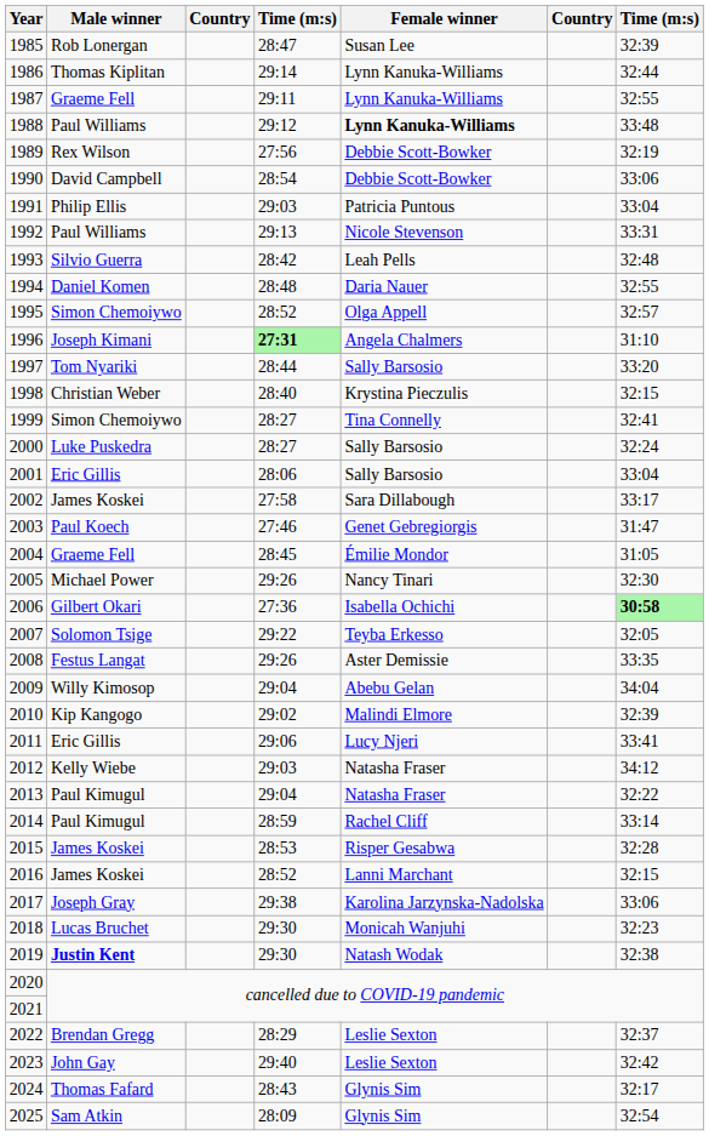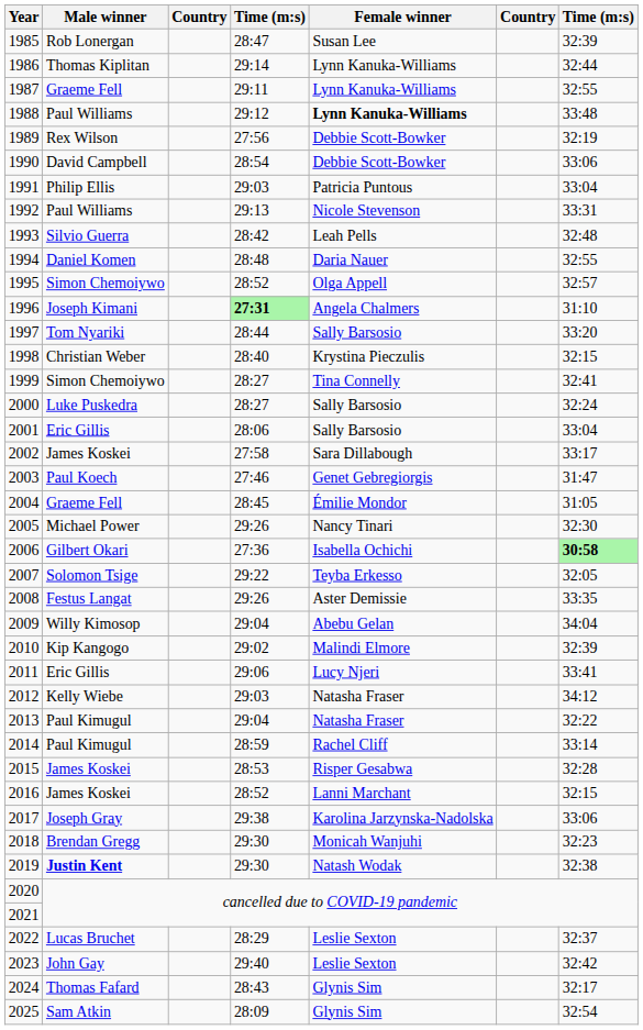 <table class="wikitable">
 <tr>
 <th>Year</th>
 <th>Male winner</th>
 <th>Country</th>
 <th>Time (m:s)</th>
 <th>Female winner</th>
 <th>Country</th>
 <th>Time (m:s)</th>
 </tr>
 <tr>
 <td>1985</td>
 <td>Rob Lonergan</td>
 <td></td>
 <td>28:47</td>
 <td>Susan Lee</td>
 <td></td>
 <td>32:39</td>
 </tr>
 <tr>
 <td>1986</td>
 <td>Thomas Kiplitan</td>
 <td></td>
 <td>29:14</td>
 <td>Lynn Kanuka-Williams</td>
 <td></td>
 <td>32:44</td>
 </tr>
 <tr>
 <td>1987</td>
 <td><a href='#'>Graeme Fell</a></td>
 <td></td>
 <td>29:11</td>
 <td><a href='#'>Lynn Kanuka-Williams</a></td>
 <td></td>
 <td>32:55</td>
 </tr>
 <tr>
 <td>1988</td>
 <td>Paul Williams</td>
 <td></td>
 <td>29:12</td>
 <td><strong>Lynn Kanuka-Williams</strong></td>
 <td></td>
 <td>33:48</td>
 </tr>
 <tr>
 <td>1989</td>
 <td>Rex Wilson</td>
 <td></td>
 <td>27:56</td>
 <td><a href='#'>Debbie Scott-Bowker</a></td>
 <td></td>
 <td>32:19</td>
 </tr>
 <tr>
 <td>1990</td>
 <td>David Campbell</td>
 <td></td>
 <td>28:54</td>
 <td><a href='#'>Debbie Scott-Bowker</a></td>
 <td></td>
 <td>33:06</td>
 </tr>
 <tr>
 <td>1991</td>
 <td>Philip Ellis</td>
 <td></td>
 <td>29:03</td>
 <td>Patricia Puntous</td>
 <td></td>
 <td>33:04</td>
 </tr>
 <tr>
 <td>1992</td>
 <td>Paul Williams</td>
 <td></td>
 <td>29:13</td>
 <td><a href='#'>Nicole Stevenson</a></td>
 <td></td>
 <td>33:31</td>
 </tr>
 <tr>
 <td>1993</td>
 <td><a href='#'>Silvio Guerra</a></td>
 <td></td>
 <td>28:42</td>
 <td>Leah Pells</td>
 <td></td>
 <td>32:48</td>
 </tr>
 <tr>
 <td>1994</td>
 <td><a href='#'>Daniel Komen</a></td>
 <td></td>
 <td>28:48</td>
 <td><a href='#'>Daria Nauer</a></td>
 <td></td>
 <td>32:55</td>
 </tr>
 <tr>
 <td>1995</td>
 <td><a href='#'>Simon Chemoiywo</a></td>
 <td></td>
 <td>28:52</td>
 <td><a href='#'>Olga Appell</a></td>
 <td></td>
 <td>32:57</td>
 </tr>
 <tr>
 <td>1996</td>
 <td><a href='#'>Joseph Kimani</a></td>
 <td></td>
 <td style="background:#a9f5a9;"><strong>27:31</strong></td>
 <td><a href='#'>Angela Chalmers</a></td>
 <td></td>
 <td>31:10</td>
 </tr>
 <tr>
 <td>1997</td>
 <td><a href='#'>Tom Nyariki</a></td>
 <td></td>
 <td>28:44</td>
 <td><a href='#'>Sally Barsosio</a></td>
 <td></td>
 <td>33:20</td>
 </tr>
 <tr>
 <td>1998</td>
 <td>Christian Weber</td>
 <td></td>
 <td>28:40</td>
 <td>Krystina Pieczulis</td>
 <td></td>
 <td>32:15</td>
 </tr>
 <tr>
 <td>1999</td>
 <td>Simon Chemoiywo</td>
 <td></td>
 <td>28:27</td>
 <td><a href='#'>Tina Connelly</a></td>
 <td></td>
 <td>32:41</td>
 </tr>
 <tr>
 <td>2000</td>
 <td><a href='#'>Luke Puskedra</a></td>
 <td></td>
 <td>28:27</td>
 <td>Sally Barsosio</td>
 <td></td>
 <td>32:24</td>
 </tr>
 <tr>
 <td>2001</td>
 <td><a href='#'>Eric Gillis</a></td>
 <td></td>
 <td>28:06</td>
 <td>Sally Barsosio</td>
 <td></td>
 <td>33:04</td>
 </tr>
 <tr>
 <td>2002</td>
 <td>James Koskei</td>
 <td></td>
 <td>27:58</td>
 <td>Sara Dillabough</td>
 <td></td>
 <td>33:17</td>
 </tr>
 <tr>
 <td>2003</td>
 <td><a href='#'>Paul Koech</a></td>
 <td></td>
 <td>27:46</td>
 <td><a href='#'>Genet Gebregiorgis</a></td>
 <td></td>
 <td>31:47</td>
 </tr>
 <tr>
 <td>2004</td>
 <td><a href='#'>Graeme Fell</a></td>
 <td></td>
 <td>28:45</td>
 <td><a href='#'>Émilie Mondor</a></td>
 <td></td>
 <td>31:05</td>
 </tr>
 <tr>
 <td>2005</td>
 <td>Michael Power</td>
 <td></td>
 <td>29:26</td>
 <td>Nancy Tinari</td>
 <td></td>
 <td>32:30</td>
 </tr>
 <tr>
 <td>2006</td>
 <td><a href='#'>Gilbert Okari</a></td>
 <td></td>
 <td>27:36</td>
 <td><a href='#'>Isabella Ochichi</a></td>
 <td></td>
 <td style="background:#a9f5a9;"><strong>30:58</strong></td>
 </tr>
 <tr>
 <td>2007</td>
 <td><a href='#'>Solomon Tsige</a></td>
 <td></td>
 <td>29:22</td>
 <td><a href='#'>Teyba Erkesso</a></td>
 <td></td>
 <td>32:05</td>
 </tr>
 <tr>
 <td>2008</td>
 <td><a href='#'>Festus Langat</a></td>
 <td></td>
 <td>29:26</td>
 <td>Aster Demissie</td>
 <td></td>
 <td>33:35</td>
 </tr>
 <tr>
 <td>2009</td>
 <td>Willy Kimosop</td>
 <td></td>
 <td>29:04</td>
 <td><a href='#'>Abebu Gelan</a></td>
 <td></td>
 <td>34:04</td>
 </tr>
 <tr>
 <td>2010</td>
 <td>Kip Kangogo</td>
 <td></td>
 <td>29:02</td>
 <td><a href='#'>Malindi Elmore</a></td>
 <td></td>
 <td>32:39</td>
 </tr>
 <tr>
 <td>2011</td>
 <td>Eric Gillis</td>
 <td></td>
 <td>29:06</td>
 <td><a href='#'>Lucy Njeri</a></td>
 <td></td>
 <td>33:41</td>
 </tr>
 <tr>
 <td>2012</td>
 <td>Kelly Wiebe</td>
 <td></td>
 <td>29:03</td>
 <td>Natasha Fraser</td>
 <td></td>
 <td>34:12</td>
 </tr>
 <tr>
 <td>2013</td>
 <td>Paul Kimugul</td>
 <td></td>
 <td>29:04</td>
 <td><a href='#'>Natasha Fraser</a></td>
 <td></td>
 <td>32:22</td>
 </tr>
 <tr>
 <td>2014</td>
 <td>Paul Kimugul</td>
 <td></td>
 <td>28:59</td>
 <td><a href='#'>Rachel Cliff</a></td>
 <td></td>
 <td>33:14</td>
 </tr>
 <tr>
 <td>2015</td>
 <td><a href='#'>James Koskei</a></td>
 <td></td>
 <td>28:53</td>
 <td><a href='#'>Risper Gesabwa</a></td>
 <td></td>
 <td>32:28</td>
 </tr>
 <tr>
 <td>2016</td>
 <td>James Koskei</td>
 <td></td>
 <td>28:52</td>
 <td><a href='#'>Lanni Marchant</a></td>
 <td></td>
 <td>32:15</td>
 </tr>
 <tr>
 <td>2017</td>
 <td><a href='#'>Joseph Gray</a></td>
 <td></td>
 <td>29:38</td>
 <td><a href='#'>Karolina Jarzynska-Nadolska</a></td>
 <td></td>
 <td>33:06</td>
 </tr>
 <tr>
 <td>2018</td>
-<td><a href='#'>Lucas Bruchet</a></td>
+<td><a href='#'>Brendan Gregg</a></td>
 <td></td>
 <td>29:30</td>
 <td><a href='#'>Monicah Wanjuhi</a></td>
 <td></td>
 <td>32:23</td>
 </tr>
 <tr>
 <td>2019</td>
 <td><strong><a href='#'>Justin Kent</a></strong></td>
 <td></td>
 <td>29:30</td>
 <td><a href='#'>Natash Wodak</a></td>
 <td></td>
 <td>32:38</td>
 </tr>
 <tr>
 <td>2020</td>
 <td colspan="6" rowspan="2" align="center"><em>cancelled due to <a href='#'>COVID-19 pandemic</a></em></td>
 </tr>
 <tr>
 <td>2021</td>
 </tr>
 <tr>
 <td>2022</td>
-<td><a href='#'>Brendan Gregg</a></td>
+<td><a href='#'>Lucas Bruchet</a></td>
 <td></td>
 <td>28:29</td>
 <td><a href='#'>Leslie Sexton</a></td>
 <td></td>
 <td>32:37</td>
 </tr>
 <tr>
 <td>2023</td>
 <td><a href='#'>John Gay</a></td>
 <td></td>
 <td>29:40</td>
 <td><a href='#'>Leslie Sexton</a></td>
 <td></td>
 <td>32:42</td>
 </tr>
 <tr>
 <td>2024</td>
 <td><a href='#'>Thomas Fafard</a></td>
 <td></td>
 <td>28:43</td>
 <td><a href='#'>Glynis Sim</a></td>
 <td></td>
 <td>32:17</td>
 </tr>
 <tr>
 <td>2025</td>
 <td><a href='#'>Sam Atkin</a></td>
 <td></td>
 <td>28:09</td>
 <td><a href='#'>Glynis Sim</a></td>
 <td></td>
 <td>32:54</td>
 </tr>
 </table>
